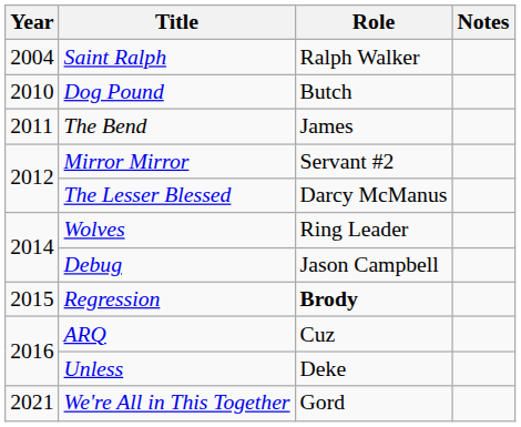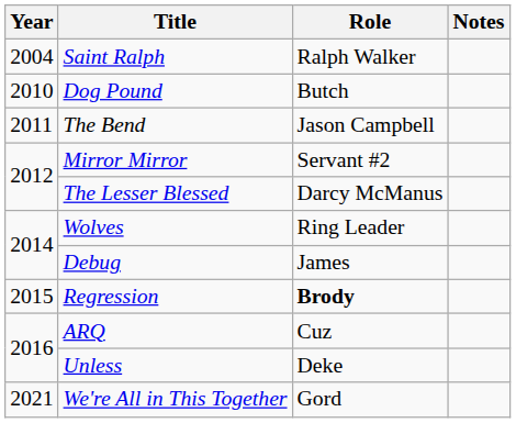 <table class="wikitable sortable">
 <tr>
 <th>Year</th>
 <th>Title</th>
 <th>Role</th>
 <th class="unsortable">Notes</th>
 </tr>
 <tr>
 <td>2004</td>
 <td><em><a href='#'>Saint Ralph</a></em></td>
 <td>Ralph Walker</td>
 <td></td>
 </tr>
 <tr>
 <td>2010</td>
 <td><em><a href='#'>Dog Pound</a></em></td>
 <td>Butch</td>
 <td></td>
 </tr>
 <tr>
 <td>2011</td>
 <td><em>The Bend</em></td>
-<td>James</td>
+<td>Jason Campbell</td>
 <td></td>
 </tr>
 <tr>
 <td rowspan="2">2012</td>
 <td><em><a href='#'>Mirror Mirror</a></em></td>
 <td>Servant #2</td>
 </tr>
 <tr>
 <td><em><a href='#'>The Lesser Blessed</a></em></td>
 <td>Darcy McManus</td>
 <td></td>
 </tr>
 <tr>
 <td rowspan="2">2014</td>
 <td><em><a href='#'>Wolves</a></em></td>
 <td>Ring Leader</td>
 <td></td>
 </tr>
 <tr>
 <td><em><a href='#'>Debug</a></em></td>
-<td>Jason Campbell</td>
+<td>James</td>
 <td></td>
 </tr>
 <tr>
 <td>2015</td>
 <td><em><a href='#'>Regression</a></em></td>
 <td><strong>Brody</strong></td>
 <td></td>
 </tr>
 <tr>
 <td rowspan="2">2016</td>
 <td><em><a href='#'>ARQ</a></em></td>
 <td>Cuz</td>
 <td></td>
 </tr>
 <tr>
 <td><em><a href='#'>Unless</a></em></td>
 <td>Deke</td>
 <td></td>
 </tr>
 <tr>
 <td>2021</td>
 <td><em><a href='#'>We're All in This Together</a></em></td>
 <td>Gord</td>
 <td></td>
 </tr>
 </table>
